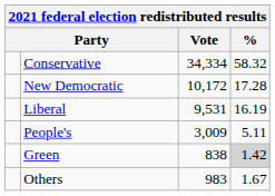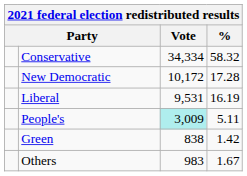 <table class="wikitable">
 <tr>
 <th colspan="4"><a href='#'>2021 federal election</a> redistributed results</th>
 </tr>
 <tr>
 <th bgcolor="#DDDDFF" width="130px" colspan="2">Party</th>
 <th bgcolor="#DDDDFF" width="50px">Vote</th>
 <th bgcolor="#DDDDFF" width="30px">%</th>
 </tr>
 <tr>
 <td> </td>
 <td><a href='#'>Conservative</a></td>
 <td align=right>34,334</td>
 <td align=right>58.32</td>
 </tr>
 <tr>
 <td> </td>
 <td><a href='#'>New Democratic</a></td>
 <td align=right>10,172</td>
 <td align=right>17.28</td>
 </tr>
 <tr>
 <td> </td>
 <td><a href='#'>Liberal</a></td>
 <td align=right>9,531</td>
 <td align=right>16.19</td>
 </tr>
 <tr>
 <td> </td>
 <td><a href='#'>People's</a></td>
-<td align=right>3,009</td>
+<td align=right style="background: paleturquoise;">3,009</td>
 <td align=right>5.11</td>
 </tr>
 <tr>
 <td> </td>
 <td><a href='#'>Green</a></td>
 <td align=right>838</td>
-<td align=right style="background: lightgrey;">1.42</td>
+<td align=right>1.42</td>
 </tr>
 <tr>
 <td> </td>
 <td>Others</td>
 <td align=right>983</td>
 <td align=right>1.67</td>
 </tr>
 </table>
